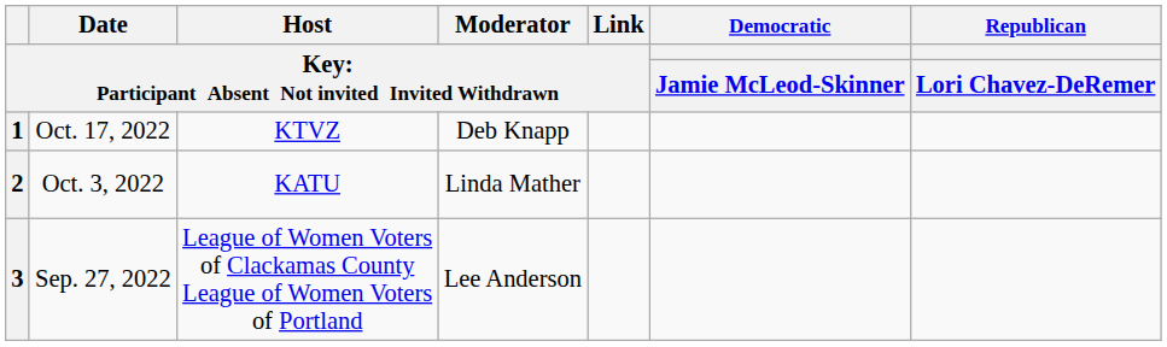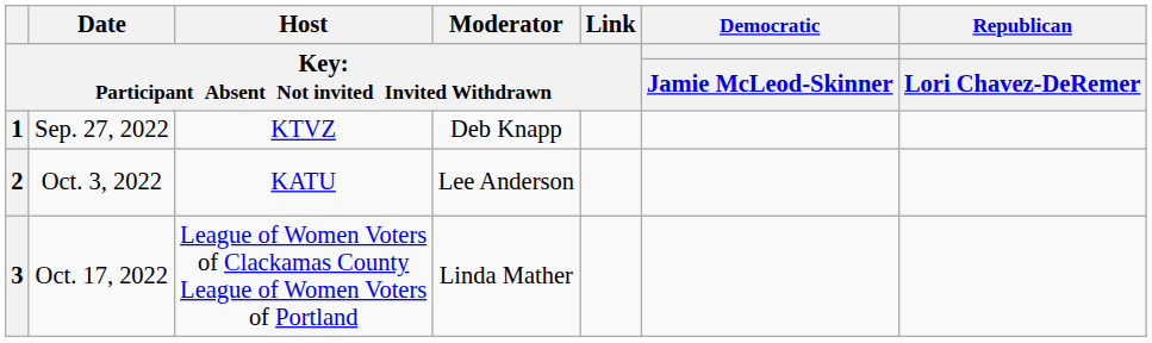 <table class="wikitable" style="text-align:center;">
 <tr>
 <th scope="col"></th>
 <th scope="col">Date</th>
 <th scope="col">Host</th>
 <th scope="col">Moderator</th>
 <th scope="col">Link</th>
 <th scope="col"><small><a href='#'>Democratic</a></small></th>
 <th scope="col"><small><a href='#'>Republican</a></small></th>
 </tr>
 <tr>
 <th colspan="5" rowspan="2">Key:<br> <small>Participant </small>  <small>Absent </small>  <small>Not invited </small>  <small>Invited  Withdrawn</small></th>
 <th scope="col" style="background:"></th>
 <th scope="col" style="background:"></th>
 </tr>
 <tr>
 <th scope="col"><a href='#'>Jamie McLeod-Skinner</a></th>
 <th scope="col"><a href='#'>Lori Chavez-DeRemer</a></th>
 </tr>
 <tr>
 <th>1</th>
-<td style="white-space:nowrap;">Oct. 17, 2022</td>
+<td style="white-space:nowrap;">Sep. 27, 2022</td>
 <td style="white-space:nowrap;"><a href='#'>KTVZ</a></td>
 <td style="white-space:nowrap;">Deb Knapp</td>
 <td style="white-space:nowrap;"></td>
 <td></td>
 <td></td>
 </tr>
 <tr>
 <th>2</th>
 <td style="white-space:nowrap;">Oct. 3, 2022</td>
 <td style="white-space:nowrap;"><a href='#'>KATU</a></td>
-<td style="white-space:nowrap;">Linda Mather</td>
+<td style="white-space:nowrap;">Lee Anderson</td>
 <td style="white-space:nowrap;"><br><br></td>
 <td></td>
 <td></td>
 </tr>
 <tr>
 <th>3</th>
-<td style="white-space:nowrap;">Sep. 27, 2022</td>
+<td style="white-space:nowrap;">Oct. 17, 2022</td>
 <td style="white-space:nowrap;"><a href='#'>League of Women Voters</a><br>of <a href='#'>Clackamas County</a><br><a href='#'>League of Women Voters</a><br>of <a href='#'>Portland</a></td>
-<td style="white-space:nowrap;">Lee Anderson</td>
+<td style="white-space:nowrap;">Linda Mather</td>
 <td style="white-space:nowrap;"></td>
 <td></td>
 <td></td>
 </tr>
 </table>
